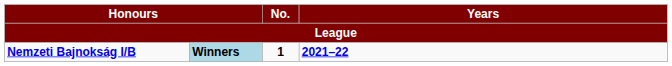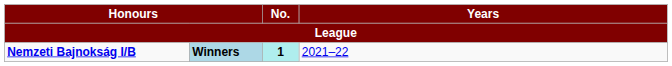 <table class="wikitable" width=70%>
 <tr>
 <th width=35% colspan=2 style="color:white; background:maroon">Honours</th>
 <th width=5% style="color:white; background:maroon">No.</th>
 <th width=50% style="color:white; background:maroon">Years</th>
 </tr>
 <tr>
 <th colspan="6" style="color:white; background:maroon">League</th>
 </tr>
 <tr>
 <td><strong><a href='#'>Nemzeti Bajnokság I/B</a></strong></td>
 <td style="background: lightblue;"><strong>Winners</strong></td>
-<td style="text-align:center"><strong>1</strong></td>
-<td><strong><a href='#'>2021–22</a></strong></td>
+<td style="background: paleturquoise; text-align:center"><strong>1</strong></td>
+<td><a href='#'>2021–22</a></td>
 </tr>
 </table>
